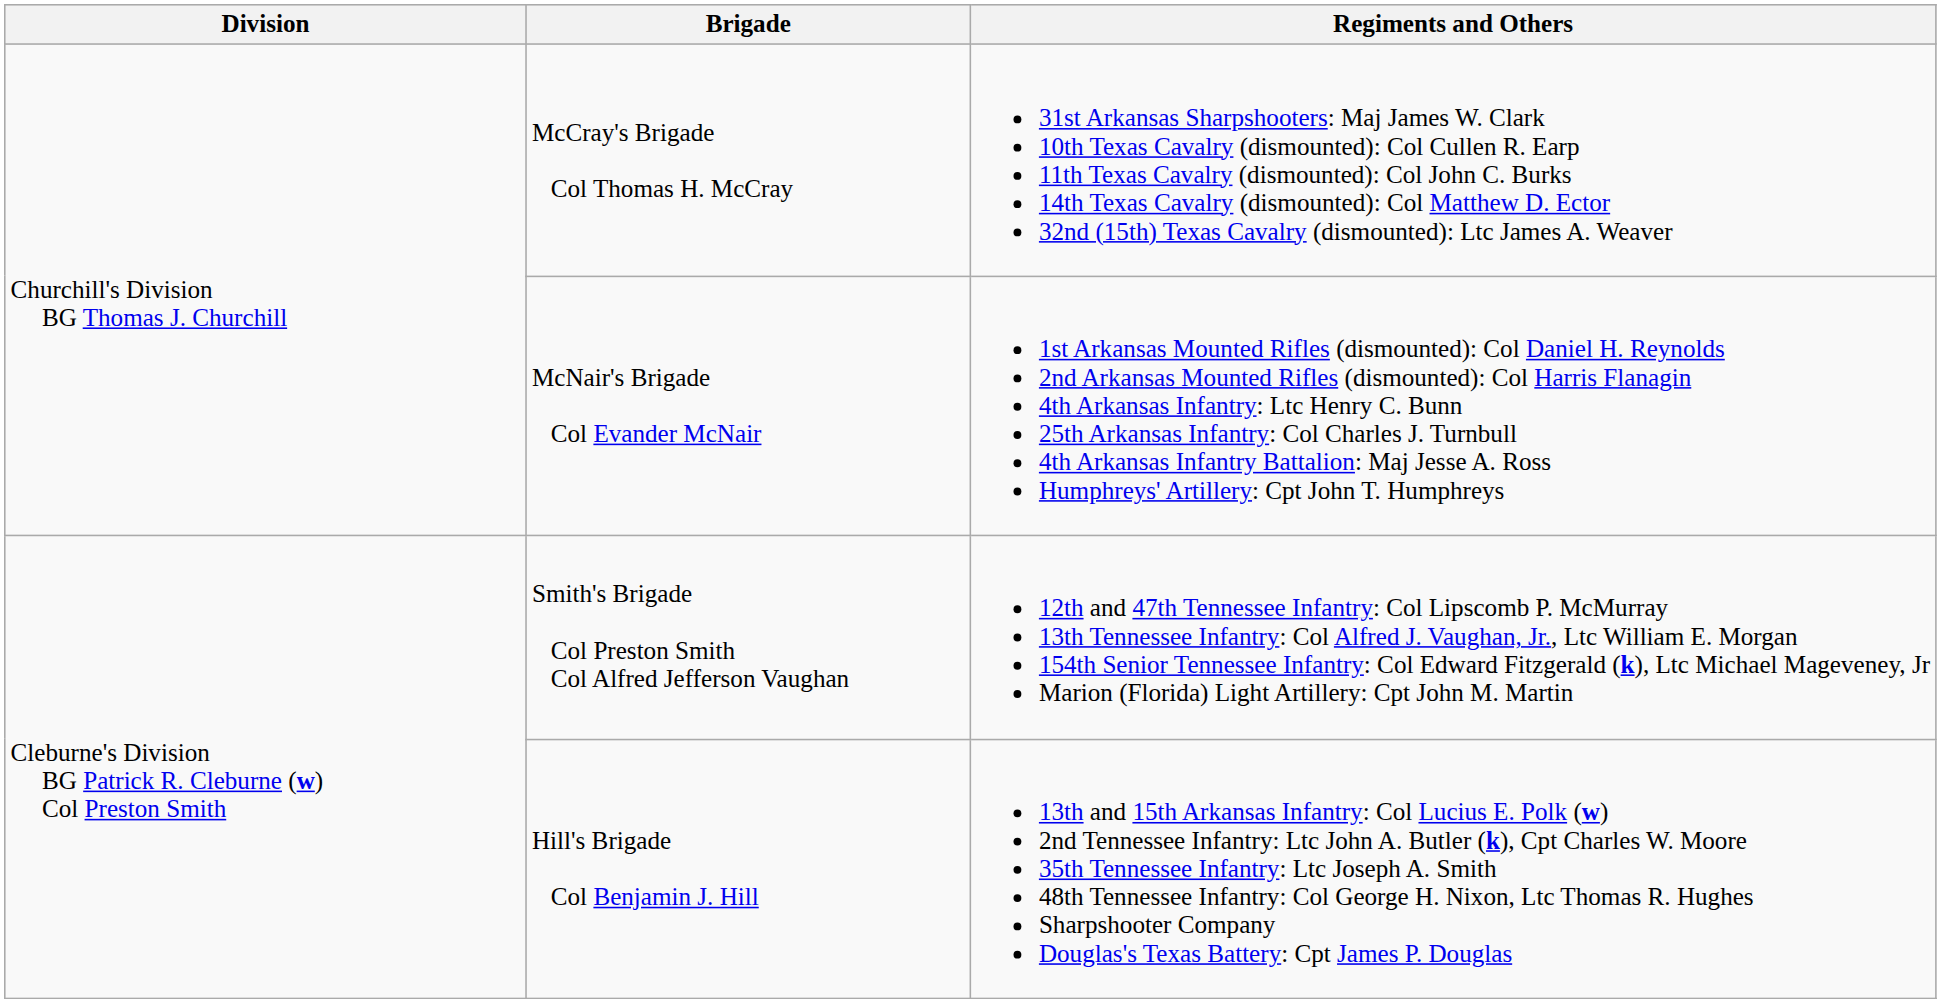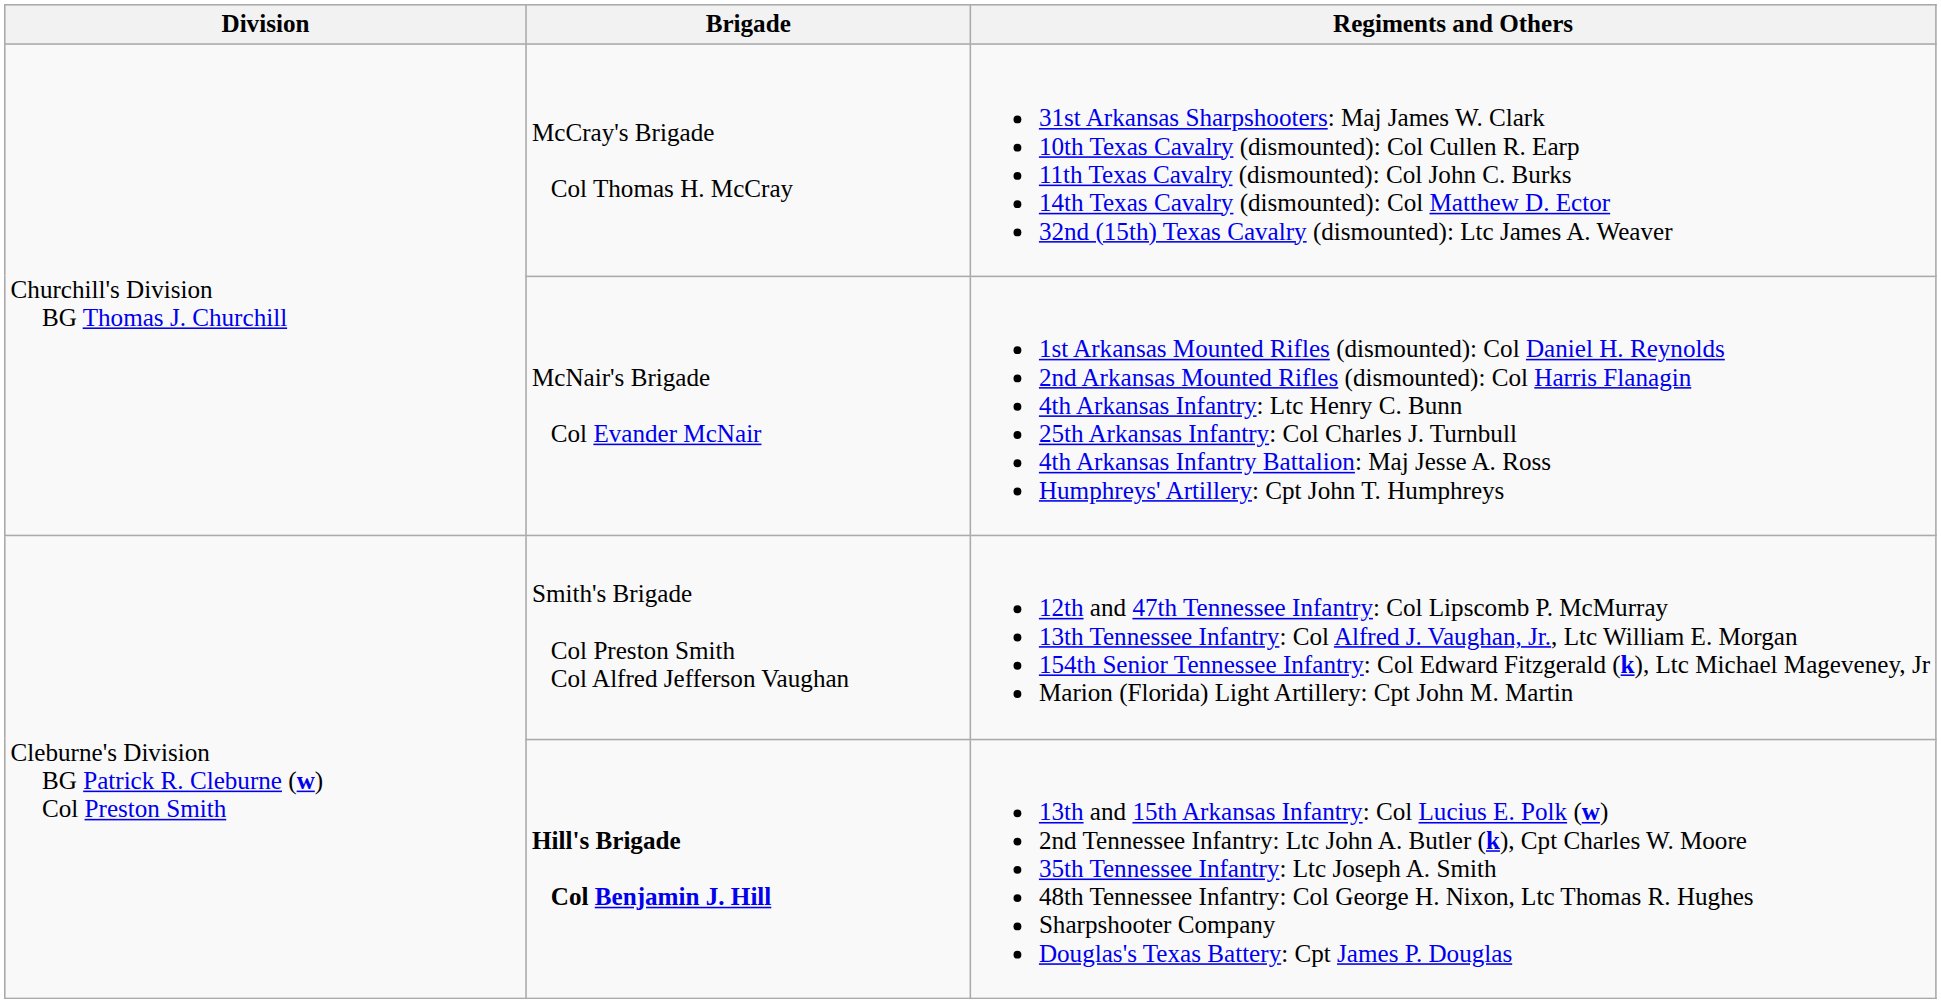 <table class="wikitable">
 <tr>
 <th width=27%>Division</th>
 <th width=23%>Brigade</th>
 <th>Regiments and Others</th>
 </tr>
 <tr>
 <td rowspan=2><br>Churchill's Division <br>     BG <a href='#'>Thomas J. Churchill</a><br></td>
 <td>McCray's Brigade<br><br>   Col Thomas H. McCray</td>
 <td><br><ul><li><a href='#'>31st Arkansas Sharpshooters</a>: Maj James W. Clark</li><li><a href='#'>10th Texas Cavalry</a> (dismounted): Col Cullen R. Earp</li><li><a href='#'>11th Texas Cavalry</a> (dismounted): Col John C. Burks</li><li><a href='#'>14th Texas Cavalry</a> (dismounted): Col <a href='#'>Matthew D. Ector</a></li><li><a href='#'>32nd (15th) Texas Cavalry</a> (dismounted): Ltc James A. Weaver</li></ul></td>
 </tr>
 <tr>
 <td>McNair's Brigade<br><br>   Col <a href='#'>Evander McNair</a></td>
 <td><br><ul><li><a href='#'>1st Arkansas Mounted Rifles</a> (dismounted): Col <a href='#'>Daniel H. Reynolds</a></li><li><a href='#'>2nd Arkansas Mounted Rifles</a> (dismounted): Col <a href='#'>Harris Flanagin</a></li><li><a href='#'>4th Arkansas Infantry</a>: Ltc Henry C. Bunn</li><li><a href='#'>25th Arkansas Infantry</a>: Col Charles J. Turnbull</li><li><a href='#'>4th Arkansas Infantry Battalion</a>: Maj Jesse A. Ross</li><li><a href='#'>Humphreys' Artillery</a>: Cpt John T. Humphreys</li></ul></td>
 </tr>
 <tr>
 <td rowspan=2><br>Cleburne's Division <br>     BG <a href='#'>Patrick R. Cleburne</a> (<strong><a href='#'>w</a></strong>)<br>     Col <a href='#'>Preston Smith</a></td>
 <td>Smith's Brigade<br><br>   Col Preston Smith<br>   Col Alfred Jefferson Vaughan</td>
 <td><br><ul><li><a href='#'>12th</a> and <a href='#'>47th Tennessee Infantry</a>: Col Lipscomb P. McMurray</li><li><a href='#'>13th Tennessee Infantry</a>: Col <a href='#'>Alfred J. Vaughan, Jr.</a>, Ltc William E. Morgan</li><li><a href='#'>154th Senior Tennessee Infantry</a>: Col Edward Fitzgerald (<strong><a href='#'>k</a></strong>), Ltc Michael Mageveney, Jr</li><li>Marion (Florida) Light Artillery: Cpt John M. Martin</li></ul></td>
 </tr>
 <tr>
-<td>Hill's Brigade<br><br>   Col <a href='#'>Benjamin J. Hill</a></td>
+<td><strong>Hill's Brigade<br><br>   Col <a href='#'>Benjamin J. Hill</a></strong></td>
 <td><br><ul><li><a href='#'>13th</a> and <a href='#'>15th Arkansas Infantry</a>: Col <a href='#'>Lucius E. Polk</a> (<strong><a href='#'>w</a></strong>)</li><li>2nd Tennessee Infantry: Ltc John A. Butler (<strong><a href='#'>k</a></strong>), Cpt Charles W. Moore</li><li><a href='#'>35th Tennessee Infantry</a>: Ltc Joseph A. Smith</li><li>48th Tennessee Infantry: Col George H. Nixon, Ltc Thomas R. Hughes</li><li>Sharpshooter Company</li><li><a href='#'>Douglas's Texas Battery</a>: Cpt <a href='#'>James P. Douglas</a></li></ul></td>
 </tr>
 <tr>
 </tr>
 </table>
